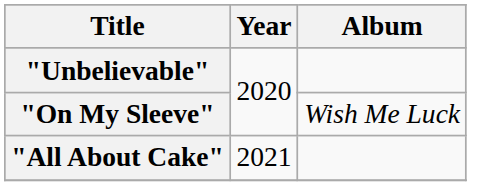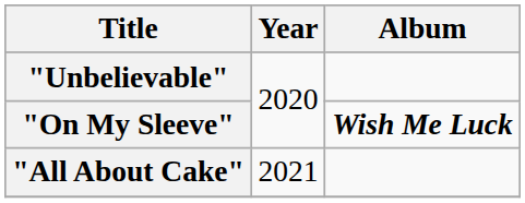 <table class="wikitable plainrowheaders" style="text-align:center;">
 <tr>
 <th scope="col" rowspan="1">Title</th>
 <th scope="col" rowspan="1">Year</th>
 <th scope="col" rowspan="1">Album</th>
 </tr>
 <tr>
 <th scope="row">"Unbelievable"<br></th>
 <td rowspan="2">2020</td>
 <td></td>
 </tr>
 <tr>
 <th scope="row">"On My Sleeve"<br></th>
-<td><em>Wish Me Luck</em></td>
+<td><strong><em>Wish Me Luck</em></strong></td>
 </tr>
 <tr>
 <th scope="row">"All About Cake"<br></th>
 <td>2021</td>
 <td></td>
 </tr>
 <tr>
 </tr>
 </table>
